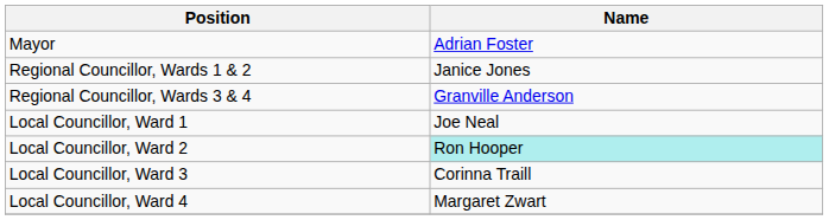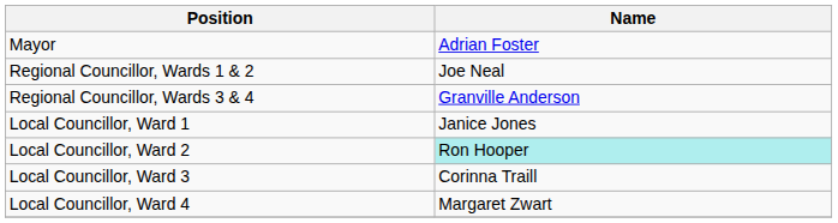 <table class="wikitable" style="width:50%;">
 <tr>
 <th bgcolor="#DDDDFF" width="50px">Position</th>
 <th bgcolor="#DDDDFF" width="50px">Name</th>
 </tr>
 <tr>
 <td>Mayor</td>
 <td><a href='#'>Adrian Foster</a></td>
 </tr>
 <tr>
 <td>Regional Councillor, Wards 1 & 2</td>
-<td>Janice Jones</td>
+<td>Joe Neal</td>
 </tr>
 <tr>
 <td>Regional Councillor, Wards 3 & 4</td>
 <td><a href='#'>Granville Anderson</a></td>
 </tr>
 <tr>
 <td>Local Councillor, Ward 1</td>
-<td>Joe Neal</td>
+<td>Janice Jones</td>
 </tr>
 <tr>
 <td>Local Councillor, Ward 2</td>
 <td style="background: paleturquoise;">Ron Hooper</td>
 </tr>
 <tr>
 <td>Local Councillor, Ward 3</td>
 <td>Corinna Traill</td>
 </tr>
 <tr>
 <td>Local Councillor, Ward 4</td>
 <td>Margaret Zwart</td>
 </tr>
 <tr>
 </tr>
 </table>
